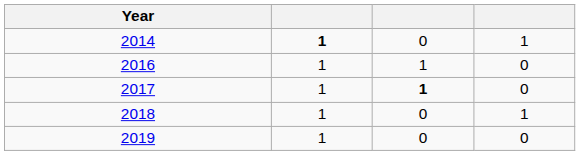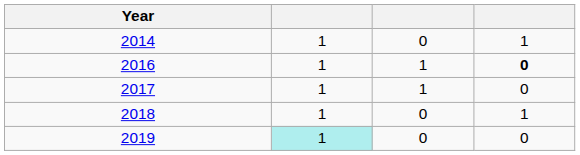 <table class="wikitable" width=30% style="font-size:100%; text-align:center;">
 <tr>
 <th>Year</th>
 <th></th>
 <th></th>
 <th></th>
 </tr>
 <tr>
 <td><a href='#'>2014</a></td>
-<td><strong>1</strong></td>
+<td>1</td>
 <td>0</td>
 <td>1</td>
 </tr>
 <tr>
 <td><a href='#'>2016</a></td>
 <td>1</td>
 <td>1</td>
-<td>0</td>
+<td><strong>0</strong></td>
 </tr>
 <tr>
 <td><a href='#'>2017</a></td>
 <td>1</td>
-<td><strong>1</strong></td>
+<td>1</td>
 <td>0</td>
 </tr>
 <tr>
 <td><a href='#'>2018</a></td>
 <td>1</td>
 <td>0</td>
 <td>1</td>
 </tr>
 <tr>
 <td><a href='#'>2019</a></td>
-<td>1</td>
+<td style="background: paleturquoise;">1</td>
 <td>0</td>
 <td>0</td>
 </tr>
 </table>
